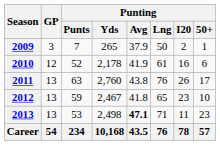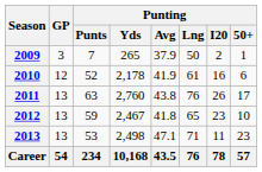 <table class="wikitable" style="text-align:center;">
 <tr>
 <th rowspan="2">Season</th>
 <th rowspan="2">GP</th>
 <th colspan="6">Punting</th>
 </tr>
 <tr>
 <th>Punts</th>
 <th>Yds</th>
 <th>Avg</th>
 <th>Lng</th>
 <th>I20</th>
 <th>50+</th>
 </tr>
 <tr>
 <th><a href='#'>2009</a></th>
 <td>3</td>
 <td>7</td>
 <td>265</td>
 <td>37.9</td>
 <td>50</td>
 <td>2</td>
 <td>1</td>
 </tr>
 <tr>
 <th><a href='#'>2010</a></th>
 <td>12</td>
 <td>52</td>
 <td>2,178</td>
 <td>41.9</td>
 <td>61</td>
 <td>16</td>
 <td>6</td>
 </tr>
 <tr>
 <th><a href='#'>2011</a></th>
 <td>13</td>
 <td>63</td>
 <td>2,760</td>
 <td>43.8</td>
 <td>76</td>
 <td>26</td>
 <td>17</td>
 </tr>
 <tr>
 <th><a href='#'>2012</a></th>
 <td>13</td>
 <td>59</td>
 <td>2,467</td>
 <td>41.8</td>
 <td>65</td>
 <td>23</td>
 <td>10</td>
 </tr>
 <tr>
 <th><a href='#'>2013</a></th>
 <td>13</td>
 <td>53</td>
 <td>2,498</td>
-<td><strong>47.1</strong></td>
+<td>47.1</td>
 <td>71</td>
 <td>11</td>
 <td>23</td>
 </tr>
 <tr>
 <th>Career</th>
 <th>54</th>
 <th>234</th>
 <th>10,168</th>
 <th>43.5</th>
 <th>76</th>
 <th>78</th>
 <th>57</th>
 </tr>
 </table>
